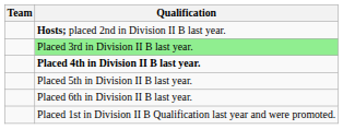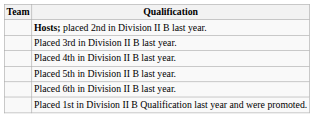 <table class="wikitable">
 <tr>
 <th>Team</th>
 <th>Qualification</th>
 </tr>
 <tr>
 <td></td>
 <td><strong>Hosts;</strong> placed 2nd in Division II B last year.</td>
 </tr>
 <tr>
 <td></td>
-<td style="background: lightgreen;">Placed 3rd in Division II B last year.</td>
+<td>Placed 3rd in Division II B last year.</td>
 </tr>
 <tr>
 <td></td>
-<td><strong>Placed 4th in Division II B last year.</strong></td>
+<td>Placed 4th in Division II B last year.</td>
 </tr>
 <tr>
 <td></td>
 <td>Placed 5th in Division II B last year.</td>
 </tr>
 <tr>
 <td></td>
 <td>Placed 6th in Division II B last year.</td>
 </tr>
 <tr>
 <td></td>
 <td>Placed 1st in Division II B Qualification last year and were promoted.</td>
 </tr>
 </table>
